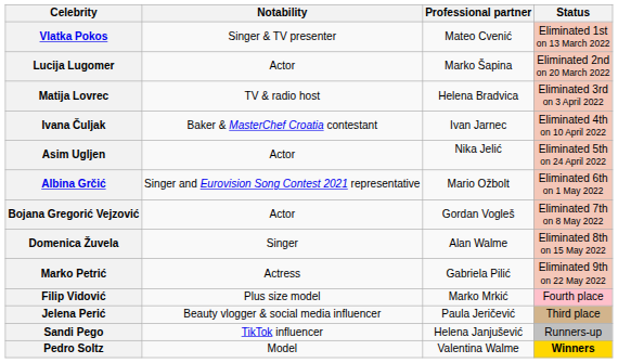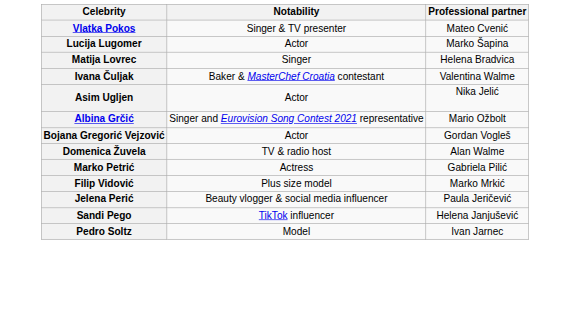 <table class= "wikitable sortable" style="text-align: center; margin:auto; align: center,">
 <tr>
 <th scope="col">Celebrity</th>
 <th scope="col" class="unsortable">Notability</th>
 <th scope="col">Professional partner</th>
-<th scope="col">Status</th>
 </tr>
 <tr>
 <th><a href='#'>Vlatka Pokos</a></th>
 <td>Singer & TV presenter</td>
 <td>Mateo Cvenić</td>
-<td bgcolor="#F4C7B8">Eliminated 1st<br><small>on 13 March 2022</small></td>
 </tr>
 <tr>
 <th>Lucija Lugomer</th>
 <td>Actor</td>
 <td>Marko Šapina</td>
-<td bgcolor="#F4C7B8">Eliminated 2nd<br><small>on 20 March 2022</small></td>
 </tr>
 <tr>
 <th>Matija Lovrec</th>
-<td>TV & radio host</td>
+<td>Singer</td>
 <td>Helena Bradvica</td>
-<td bgcolor="#F4C7B8">Eliminated 3rd<br><small>on 3 April 2022</small></td>
 </tr>
 <tr>
 <th>Ivana Čuljak</th>
 <td>Baker & <em><a href='#'>MasterChef Croatia</a></em> contestant</td>
-<td>Ivan Jarnec</td>
-<td bgcolor="#F4C7B8">Eliminated 4th<br><small>on 10 April 2022</small></td>
+<td>Valentina Walme</td>
 </tr>
 <tr>
 <th>Asim Ugljen</th>
 <td>Actor</td>
 <td>Nika Jelić<br><br></td>
-<td bgcolor="#F4C7B8">Eliminated 5th<br><small>on 24 April 2022</small></td>
 </tr>
 <tr>
 <th><a href='#'>Albina Grčić</a></th>
 <td>Singer and <em><a href='#'>Eurovision Song Contest 2021</a></em> representative</td>
 <td>Mario Ožbolt<br></td>
-<td bgcolor="#F4C7B8">Eliminated 6th<br><small>on 1 May 2022</small></td>
 </tr>
 <tr>
 <th>Bojana Gregorić Vejzović</th>
 <td>Actor</td>
 <td>Gordan Vogleš</td>
-<td bgcolor="#F4C7B8">Eliminated 7th<br><small>on 8 May 2022</small></td>
 </tr>
 <tr>
 <th>Domenica Žuvela</th>
-<td>Singer</td>
+<td>TV & radio host</td>
 <td>Alan Walme<br></td>
-<td bgcolor="#F4C7B8">Eliminated 8th<br><small>on 15 May 2022</small></td>
 </tr>
 <tr>
 <th>Marko Petrić</th>
 <td>Actress</td>
 <td>Gabriela Pilić<br></td>
-<td bgcolor="#F4C7B8">Eliminated 9th<br><small>on 22 May 2022</small></td>
 </tr>
 <tr>
 <th>Filip Vidović</th>
 <td>Plus size model</td>
 <td>Marko Mrkić<br></td>
-<td style="background:pink">Fourth place<br></td>
 </tr>
 <tr>
 <th>Jelena Perić</th>
 <td>Beauty vlogger & social media influencer</td>
 <td>Paula Jeričević</td>
-<td style="background:tan">Third place<br></td>
 </tr>
 <tr>
 <th>Sandi Pego</th>
 <td><a href='#'>TikTok</a> influencer</td>
 <td>Helena Janjušević<br></td>
-<td style="background:silver">Runners-up<br></td>
 </tr>
 <tr>
 <th>Pedro Soltz</th>
 <td>Model</td>
-<td>Valentina Walme</td>
-<td style="background:gold"><strong>Winners</strong><br></td>
+<td>Ivan Jarnec</td>
 </tr>
 </table>
